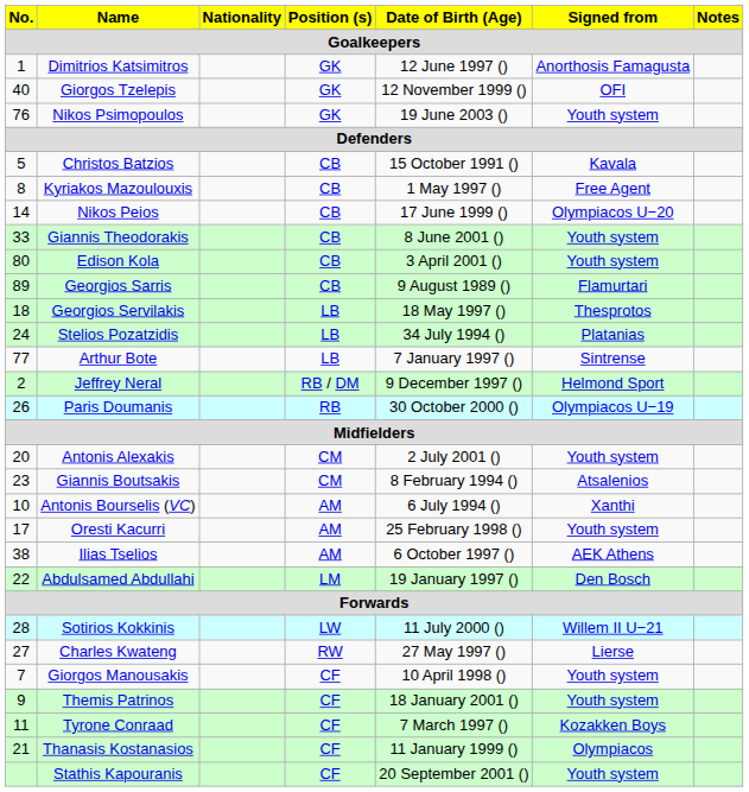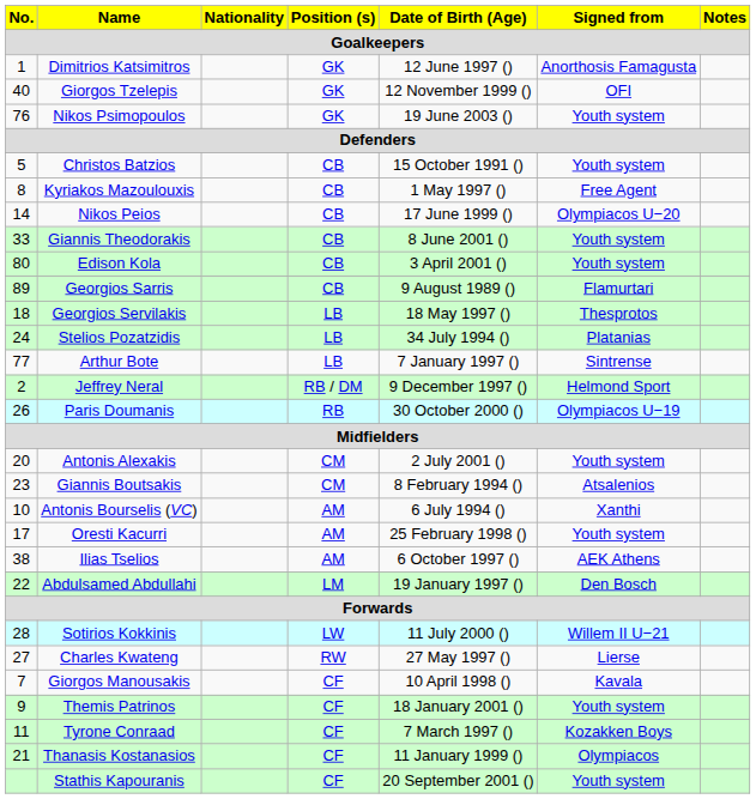 <table class="wikitable" style="text-align:center;">
 <tr>
 <th style="background:yellow; color:black;">No.</th>
 <th style="background:yellow; color:black;">Name</th>
 <th style="background:yellow; color:black;">Nationality</th>
 <th style="background:yellow; color:black;">Position (s)</th>
 <th style="background:yellow; color:black;">Date of Birth (Age)</th>
 <th style="background:yellow; color:black;">Signed from</th>
 <th style="background:yellow; color:black;">Notes</th>
 </tr>
 <tr>
 <th colspan="7" style="background:#dcdcdc;">Goalkeepers</th>
 </tr>
 <tr>
 <td>1</td>
 <td><a href='#'>Dimitrios Katsimitros</a></td>
 <td></td>
 <td><a href='#'>GK</a></td>
 <td>12 June 1997 ()</td>
 <td> <a href='#'>Anorthosis Famagusta</a></td>
 <td></td>
 </tr>
 <tr>
 <td>40</td>
 <td><a href='#'>Giorgos Tzelepis</a></td>
 <td></td>
 <td><a href='#'>GK</a></td>
 <td>12 November 1999 ()</td>
 <td> <a href='#'>OFI</a></td>
 <td></td>
 </tr>
 <tr>
 <td>76</td>
 <td><a href='#'>Nikos Psimopoulos</a></td>
 <td></td>
 <td><a href='#'>GK</a></td>
 <td>19 June 2003 ()</td>
 <td><a href='#'>Youth system</a></td>
 <td></td>
 </tr>
 <tr>
 <th colspan="7" style="background:#dcdcdc;">Defenders</th>
 </tr>
 <tr>
 <td>5</td>
 <td><a href='#'>Christos Batzios</a></td>
 <td></td>
 <td><a href='#'>CB</a></td>
 <td>15 October 1991 ()</td>
-<td> <a href='#'>Kavala</a></td>
+<td><a href='#'>Youth system</a></td>
 <td></td>
 </tr>
 <tr>
 <td>8</td>
 <td><a href='#'>Kyriakos Mazoulouxis</a></td>
 <td></td>
 <td><a href='#'>CB</a></td>
 <td>1 May 1997 ()</td>
 <td><a href='#'>Free Agent</a></td>
 <td></td>
 </tr>
 <tr>
 <td>14</td>
 <td><a href='#'>Nikos Peios</a></td>
 <td></td>
 <td><a href='#'>CB</a></td>
 <td>17 June 1999 ()</td>
 <td> <a href='#'>Olympiacos U−20</a></td>
 <td></td>
 </tr>
 <tr>
 <th style="background:#CCFFCC; font-weight: normal;">33</th>
 <th style="background:#CCFFCC; font-weight: normal;"><a href='#'>Giannis Theodorakis</a></th>
 <th style="background:#CCFFCC; font-weight: normal;"></th>
 <th style="background:#CCFFCC; font-weight: normal;"><a href='#'>CB</a></th>
 <th style="background:#CCFFCC; font-weight: normal;">8 June 2001 ()</th>
 <th style="background:#CCFFCC; font-weight: normal;"><a href='#'>Youth system</a></th>
 <th style="background:#CCFFCC; font-weight: normal;"></th>
 </tr>
 <tr>
 <th style="background:#CCFFCC; font-weight: normal;">80</th>
 <th style="background:#CCFFCC; font-weight: normal;"><a href='#'>Edison Kola</a></th>
 <th style="background:#CCFFCC; font-weight: normal;"> </th>
 <th style="background:#CCFFCC; font-weight: normal;"><a href='#'>CB</a></th>
 <th style="background:#CCFFCC; font-weight: normal;">3 April 2001 ()</th>
 <th style="background:#CCFFCC; font-weight: normal;"><a href='#'>Youth system</a></th>
 <th style="background:#CCFFCC; font-weight: normal;"></th>
 </tr>
 <tr>
 <th style="background:#CCFFCC; font-weight: normal;">89</th>
 <th style="background:#CCFFCC; font-weight: normal;"><a href='#'>Georgios Sarris</a></th>
 <th style="background:#CCFFCC; font-weight: normal;"></th>
 <th style="background:#CCFFCC; font-weight: normal;"><a href='#'>CB</a></th>
 <th style="background:#CCFFCC; font-weight: normal;">9 August 1989 ()</th>
 <th style="background:#CCFFCC; font-weight: normal;"> <a href='#'>Flamurtari</a></th>
 <th style="background:#CCFFCC; font-weight: normal;"></th>
 </tr>
 <tr>
 <th style="background:#CCFFCC; font-weight: normal;">18</th>
 <th style="background:#CCFFCC; font-weight: normal;"><a href='#'>Georgios Servilakis</a></th>
 <th style="background:#CCFFCC; font-weight: normal;"></th>
 <th style="background:#CCFFCC; font-weight: normal;"><a href='#'>LB</a></th>
 <th style="background:#CCFFCC; font-weight: normal;">18 May 1997 ()</th>
 <th style="background:#CCFFCC; font-weight: normal;"> <a href='#'>Thesprotos</a></th>
 <th style="background:#CCFFCC; font-weight: normal;"></th>
 </tr>
 <tr>
 <th style="background:#CCFFCC; font-weight: normal;">24</th>
 <th style="background:#CCFFCC; font-weight: normal;"><a href='#'>Stelios Pozatzidis</a></th>
 <th style="background:#CCFFCC; font-weight: normal;"></th>
 <th style="background:#CCFFCC; font-weight: normal;"><a href='#'>LB</a></th>
 <th style="background:#CCFFCC; font-weight: normal;">34 July 1994 ()</th>
 <th style="background:#CCFFCC; font-weight: normal;"> <a href='#'>Platanias</a></th>
 <th style="background:#CCFFCC; font-weight: normal;"></th>
 </tr>
 <tr>
 <td>77</td>
 <td><a href='#'>Arthur Bote</a></td>
 <td></td>
 <td><a href='#'>LB</a></td>
 <td>7 January 1997 ()</td>
 <td> <a href='#'>Sintrense</a></td>
 <td></td>
 </tr>
 <tr>
 <th style="background:#CCFFCC; font-weight: normal;">2</th>
 <th style="background:#CCFFCC; font-weight: normal;"><a href='#'>Jeffrey Neral</a></th>
 <th style="background:#CCFFCC; font-weight: normal;"></th>
 <th style="background:#CCFFCC; font-weight: normal;"><a href='#'>RB</a> / <a href='#'>DM</a></th>
 <th style="background:#CCFFCC; font-weight: normal;">9 December 1997 ()</th>
 <th style="background:#CCFFCC; font-weight: normal;"> <a href='#'>Helmond Sport</a></th>
 <th style="background:#CCFFCC; font-weight: normal;"></th>
 </tr>
 <tr>
 <th style="background:#CCFFFF; font-weight: normal;">26</th>
 <th style="background:#CCFFFF; font-weight: normal;"><a href='#'>Paris Doumanis</a></th>
 <th style="background:#CCFFFF; font-weight: normal;"></th>
 <th style="background:#CCFFFF; font-weight: normal;"><a href='#'>RB</a></th>
 <th style="background:#CCFFFF; font-weight: normal;">30 October 2000 ()</th>
 <th style="background:#CCFFFF; font-weight: normal;"> <a href='#'>Olympiacos U−19</a></th>
 <th style="background:#CCFFFF; font-weight: normal;"></th>
 </tr>
 <tr>
 <th colspan="7" style="background:#dcdcdc;">Midfielders</th>
 </tr>
 <tr>
 <td>20</td>
 <td><a href='#'>Antonis Alexakis</a></td>
 <td></td>
 <td><a href='#'>CM</a></td>
 <td>2 July 2001 ()</td>
 <td><a href='#'>Youth system</a></td>
 <td></td>
 </tr>
 <tr>
 <td>23</td>
 <td><a href='#'>Giannis Boutsakis</a></td>
 <td></td>
 <td><a href='#'>CM</a></td>
 <td>8 February 1994 ()</td>
 <td> <a href='#'>Atsalenios</a></td>
 <td></td>
 </tr>
 <tr>
 <td>10</td>
 <td><a href='#'>Antonis Bourselis</a> (<em><a href='#'>VC</a></em>)</td>
 <td></td>
 <td><a href='#'>AM</a></td>
 <td>6 July 1994 ()</td>
 <td> <a href='#'>Xanthi</a></td>
 <td></td>
 </tr>
 <tr>
 <td>17</td>
 <td><a href='#'>Oresti Kacurri</a></td>
 <td></td>
 <td><a href='#'>AM</a></td>
 <td>25 February 1998 ()</td>
 <td><a href='#'>Youth system</a></td>
 <td></td>
 </tr>
 <tr>
 <td>38</td>
 <td><a href='#'>Ilias Tselios</a></td>
 <td></td>
 <td><a href='#'>AM</a></td>
 <td>6 October 1997 ()</td>
 <td> <a href='#'>AEK Athens</a></td>
 <td></td>
 </tr>
 <tr>
 <th style="background:#CCFFCC; font-weight: normal;">22</th>
 <th style="background:#CCFFCC; font-weight: normal;"><a href='#'>Abdulsamed Abdullahi</a></th>
 <th style="background:#CCFFCC; font-weight: normal;"> </th>
 <th style="background:#CCFFCC; font-weight: normal;"><a href='#'>LM</a></th>
 <th style="background:#CCFFCC; font-weight: normal;">19 January 1997 ()</th>
 <th style="background:#CCFFCC; font-weight: normal;"> <a href='#'>Den Bosch</a></th>
 <th style="background:#CCFFCC; font-weight: normal;"></th>
 </tr>
 <tr>
 <th colspan="7" style="background:#dcdcdc;">Forwards</th>
 </tr>
 <tr>
 <th style="background:#CCFFFF; font-weight: normal;">28</th>
 <th style="background:#CCFFFF; font-weight: normal;"><a href='#'>Sotirios Kokkinis</a></th>
 <th style="background:#CCFFFF; font-weight: normal;"> </th>
 <th style="background:#CCFFFF; font-weight: normal;"><a href='#'>LW</a></th>
 <th style="background:#CCFFFF; font-weight: normal;">11 July 2000 ()</th>
 <th style="background:#CCFFFF; font-weight: normal;"> <a href='#'>Willem II U−21</a></th>
 <th style="background:#CCFFFF; font-weight: normal;"></th>
 </tr>
 <tr>
 <td>27</td>
 <td><a href='#'>Charles Kwateng</a></td>
 <td> </td>
 <td><a href='#'>RW</a></td>
 <td>27 May 1997 ()</td>
 <td> <a href='#'>Lierse</a></td>
 <td></td>
 </tr>
 <tr>
 <td>7</td>
 <td><a href='#'>Giorgos Manousakis</a></td>
 <td></td>
 <td><a href='#'>CF</a></td>
 <td>10 April 1998 ()</td>
-<td><a href='#'>Youth system</a></td>
+<td> <a href='#'>Kavala</a></td>
 <td></td>
 </tr>
 <tr>
 <th style="background:#CCFFCC; font-weight: normal;">9</th>
 <th style="background:#CCFFCC; font-weight: normal;"><a href='#'>Themis Patrinos</a></th>
 <th style="background:#CCFFCC; font-weight: normal;"></th>
 <th style="background:#CCFFCC; font-weight: normal;"><a href='#'>CF</a></th>
 <th style="background:#CCFFCC; font-weight: normal;">18 January 2001 ()</th>
 <th style="background:#CCFFCC; font-weight: normal;"><a href='#'>Youth system</a></th>
 <th style="background:#CCFFCC; font-weight: normal;"></th>
 </tr>
 <tr>
 <th style="background:#CCFFCC; font-weight: normal;">11</th>
 <th style="background:#CCFFCC; font-weight: normal;"><a href='#'>Tyrone Conraad</a></th>
 <th style="background:#CCFFCC; font-weight: normal;"></th>
 <th style="background:#CCFFCC; font-weight: normal;"><a href='#'>CF</a></th>
 <th style="background:#CCFFCC; font-weight: normal;">7 March 1997 ()</th>
 <th style="background:#CCFFCC; font-weight: normal;"> <a href='#'>Kozakken Boys</a></th>
 <th style="background:#CCFFCC; font-weight: normal;"></th>
 </tr>
 <tr>
 <th style="background:#CCFFCC; font-weight: normal;">21</th>
 <th style="background:#CCFFCC; font-weight: normal;"><a href='#'>Thanasis Kostanasios</a></th>
 <th style="background:#CCFFCC; font-weight: normal;"></th>
 <th style="background:#CCFFCC; font-weight: normal;"><a href='#'>CF</a></th>
 <th style="background:#CCFFCC; font-weight: normal;">11 January 1999 ()</th>
 <th style="background:#CCFFCC; font-weight: normal;"> <a href='#'>Olympiacos</a></th>
 <th style="background:#CCFFCC; font-weight: normal;"></th>
 </tr>
 <tr>
 <th style="background:#CCFFCC; font-weight: normal;"></th>
 <th style="background:#CCFFCC; font-weight: normal;"><a href='#'>Stathis Kapouranis</a></th>
 <th style="background:#CCFFCC; font-weight: normal;"></th>
 <th style="background:#CCFFCC; font-weight: normal;"><a href='#'>CF</a></th>
 <th style="background:#CCFFCC; font-weight: normal;">20 September 2001 ()</th>
 <th style="background:#CCFFCC; font-weight: normal;"><a href='#'>Youth system</a></th>
 <th style="background:#CCFFCC; font-weight: normal;"></th>
 </tr>
 </table>
